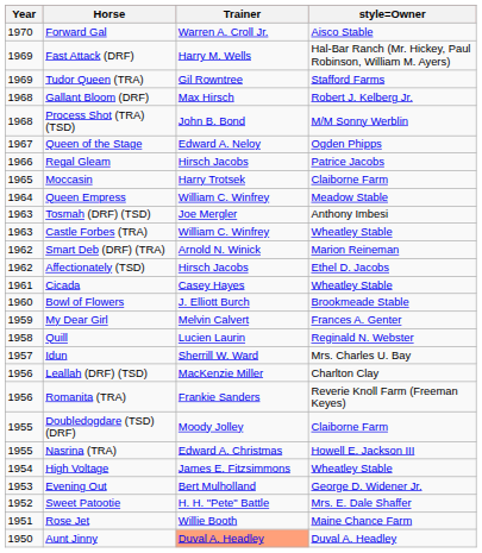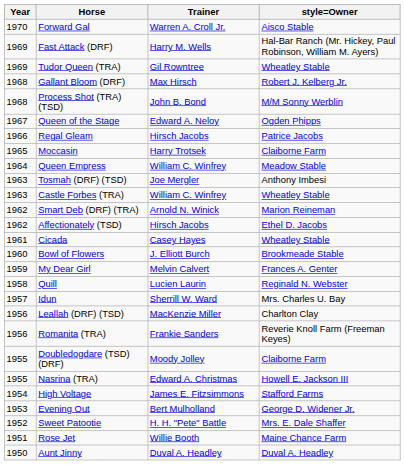 <table class = "wikitable sortable" | border="1" cellpadding="0" style="border-collapse: collapse; font-size:90%">
 <tr style="background:#b94e48; text-align:center;">
 <th style="width:42px;"><strong>Year</strong><br></th>
 <th style="width:165px;"><strong>Horse</strong><br></th>
 <th style="width:165px;"><strong>Trainer</strong><br></th>
 <th>style=<strong>Owner</strong><br></th>
 </tr>
 <tr>
 <td>1970</td>
 <td><a href='#'>Forward Gal</a></td>
 <td><a href='#'>Warren A. Croll Jr.</a></td>
 <td><a href='#'>Aisco Stable</a></td>
 </tr>
 <tr>
 <td>1969</td>
 <td><a href='#'>Fast Attack</a> (DRF)</td>
 <td><a href='#'>Harry M. Wells</a></td>
 <td>Hal-Bar Ranch (Mr. Hickey, Paul Robinson, William M. Ayers)</td>
 </tr>
 <tr>
 <td>1969</td>
 <td><a href='#'>Tudor Queen</a> (TRA)</td>
 <td><a href='#'>Gil Rowntree</a></td>
-<td><a href='#'>Stafford Farms</a></td>
+<td><a href='#'>Wheatley Stable</a></td>
 </tr>
 <tr>
 <td>1968</td>
 <td><a href='#'>Gallant Bloom</a> (DRF)</td>
 <td><a href='#'>Max Hirsch</a></td>
 <td><a href='#'>Robert J. Kelberg Jr.</a></td>
 </tr>
 <tr>
 <td>1968</td>
 <td><a href='#'>Process Shot</a> (TRA) (TSD)</td>
 <td><a href='#'>John B. Bond</a></td>
 <td><a href='#'>M/M Sonny Werblin</a></td>
 </tr>
 <tr>
 <td>1967</td>
 <td><a href='#'>Queen of the Stage</a></td>
 <td><a href='#'>Edward A. Neloy</a></td>
 <td><a href='#'>Ogden Phipps</a></td>
 </tr>
 <tr>
 <td>1966</td>
 <td><a href='#'>Regal Gleam</a></td>
 <td><a href='#'>Hirsch Jacobs</a></td>
 <td><a href='#'>Patrice Jacobs</a></td>
 </tr>
 <tr>
 <td>1965</td>
 <td><a href='#'>Moccasin</a></td>
 <td><a href='#'>Harry Trotsek</a></td>
 <td><a href='#'>Claiborne Farm</a></td>
 </tr>
 <tr>
 <td>1964</td>
 <td><a href='#'>Queen Empress</a></td>
 <td><a href='#'>William C. Winfrey</a></td>
 <td><a href='#'>Meadow Stable</a></td>
 </tr>
 <tr>
 <td>1963</td>
 <td><a href='#'>Tosmah</a> (DRF) (TSD)</td>
 <td><a href='#'>Joe Mergler</a></td>
 <td>Anthony Imbesi</td>
 </tr>
 <tr>
 <td>1963</td>
 <td><a href='#'>Castle Forbes</a> (TRA)</td>
 <td><a href='#'>William C. Winfrey</a></td>
 <td><a href='#'>Wheatley Stable</a></td>
 </tr>
 <tr>
 <td>1962</td>
 <td><a href='#'>Smart Deb</a> (DRF) (TRA)</td>
 <td><a href='#'>Arnold N. Winick</a></td>
 <td><a href='#'>Marion Reineman</a></td>
 </tr>
 <tr>
 <td>1962</td>
 <td><a href='#'>Affectionately</a> (TSD)</td>
 <td><a href='#'>Hirsch Jacobs</a></td>
 <td><a href='#'>Ethel D. Jacobs</a></td>
 </tr>
 <tr>
 <td>1961</td>
 <td><a href='#'>Cicada</a></td>
 <td><a href='#'>Casey Hayes</a></td>
 <td><a href='#'>Wheatley Stable</a></td>
 </tr>
 <tr>
 <td>1960</td>
 <td><a href='#'>Bowl of Flowers</a></td>
 <td><a href='#'>J. Elliott Burch</a></td>
 <td><a href='#'>Brookmeade Stable</a></td>
 </tr>
 <tr>
 <td>1959</td>
 <td><a href='#'>My Dear Girl</a></td>
 <td><a href='#'>Melvin Calvert</a></td>
 <td><a href='#'>Frances A. Genter</a></td>
 </tr>
 <tr>
 <td>1958</td>
 <td><a href='#'>Quill</a></td>
 <td><a href='#'>Lucien Laurin</a></td>
 <td><a href='#'>Reginald N. Webster</a></td>
 </tr>
 <tr>
 <td>1957</td>
 <td><a href='#'>Idun</a></td>
 <td><a href='#'>Sherrill W. Ward</a></td>
 <td>Mrs. Charles U. Bay</td>
 </tr>
 <tr>
 <td>1956</td>
 <td><a href='#'>Leallah</a> (DRF) (TSD)</td>
 <td><a href='#'>MacKenzie Miller</a></td>
 <td>Charlton Clay</td>
 </tr>
 <tr>
 <td>1956</td>
 <td><a href='#'>Romanita</a> (TRA)</td>
 <td><a href='#'>Frankie Sanders</a></td>
 <td>Reverie Knoll Farm (Freeman Keyes)</td>
 </tr>
 <tr>
 <td>1955</td>
 <td><a href='#'>Doubledogdare</a> (TSD) (DRF)</td>
 <td><a href='#'>Moody Jolley</a></td>
 <td><a href='#'>Claiborne Farm</a></td>
 </tr>
 <tr>
 <td>1955</td>
 <td><a href='#'>Nasrina</a> (TRA)</td>
 <td><a href='#'>Edward A. Christmas</a></td>
 <td><a href='#'>Howell E. Jackson III</a></td>
 </tr>
 <tr>
 <td>1954</td>
 <td><a href='#'>High Voltage</a></td>
 <td><a href='#'>James E. Fitzsimmons</a></td>
-<td><a href='#'>Wheatley Stable</a></td>
+<td><a href='#'>Stafford Farms</a></td>
 </tr>
 <tr>
 <td>1953</td>
 <td><a href='#'>Evening Out</a></td>
 <td><a href='#'>Bert Mulholland</a></td>
 <td><a href='#'>George D. Widener Jr.</a></td>
 </tr>
 <tr>
 <td>1952</td>
 <td><a href='#'>Sweet Patootie</a></td>
 <td><a href='#'>H. H. "Pete" Battle</a></td>
 <td><a href='#'>Mrs. E. Dale Shaffer</a></td>
 </tr>
 <tr>
 <td>1951</td>
 <td><a href='#'>Rose Jet</a></td>
 <td><a href='#'>Willie Booth</a></td>
 <td><a href='#'>Maine Chance Farm</a></td>
 </tr>
 <tr>
 <td>1950</td>
 <td><a href='#'>Aunt Jinny</a></td>
-<td style="background: lightsalmon;"><a href='#'>Duval A. Headley</a></td>
+<td><a href='#'>Duval A. Headley</a></td>
 <td><a href='#'>Duval A. Headley</a></td>
 </tr>
 </table>
